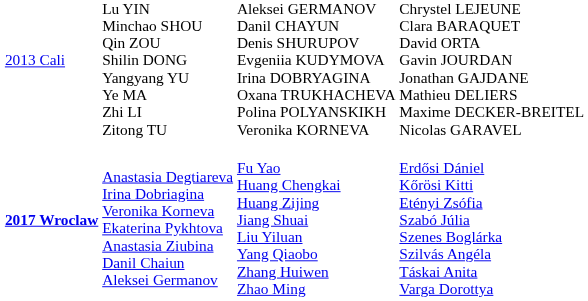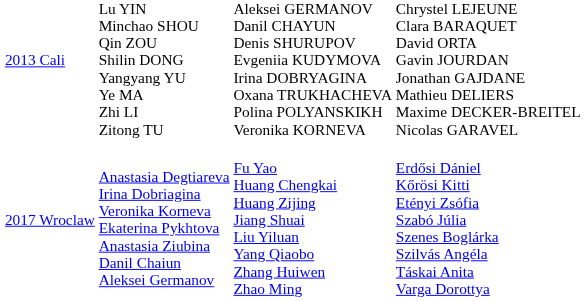 <table>
 <tr>
 <td><a href='#'>2013 Cali</a></td>
 <td><br>Lu  YIN<br> Minchao  SHOU<br> Qin  ZOU<br> Shilin  DONG<br> Yangyang  YU<br> Ye  MA<br> Zhi  LI<br> Zitong  TU</td>
 <td><br>Aleksei  GERMANOV<br> Danil  CHAYUN<br> Denis  SHURUPOV<br> Evgeniia  KUDYMOVA<br> Irina  DOBRYAGINA<br> Oxana  TRUKHACHEVA<br> Polina  POLYANSKIKH<br> Veronika  KORNEVA</td>
 <td><br>Chrystel  LEJEUNE<br> Clara  BARAQUET<br> David  ORTA<br> Gavin  JOURDAN<br> Jonathan  GAJDANE<br> Mathieu  DELIERS<br> Maxime  DECKER-BREITEL<br> Nicolas  GARAVEL</td>
 </tr>
 <tr>
-<td><strong><a href='#'>2017 Wroclaw</a></strong></td>
+<td><a href='#'>2017 Wroclaw</a></td>
 <td><br> <a href='#'>Anastasia Degtiareva</a><br><a href='#'>Irina Dobriagina</a><br><a href='#'>Veronika Korneva</a><br><a href='#'>Ekaterina Pykhtova</a><br><a href='#'>Anastasia Ziubina</a><br><a href='#'>Danil Chaiun</a><br><a href='#'>Aleksei Germanov</a></td>
 <td><br> <a href='#'>Fu Yao</a><br><a href='#'>Huang Chengkai</a><br><a href='#'>Huang Zijing</a><br><a href='#'>Jiang Shuai</a><br><a href='#'>Liu Yiluan </a><br><a href='#'>Yang Qiaobo</a><br><a href='#'>Zhang Huiwen</a><br><a href='#'>Zhao Ming</a></td>
 <td><br> <a href='#'>Erdősi Dániel</a><br><a href='#'>Kőrösi Kitti</a><br><a href='#'>Etényi Zsófia</a><br><a href='#'>Szabó Júlia</a><br><a href='#'>Szenes Boglárka</a><br><a href='#'>Szilvás Angéla</a><br><a href='#'>Táskai Anita</a><br><a href='#'>Varga Dorottya</a></td>
 </tr>
 </table>
